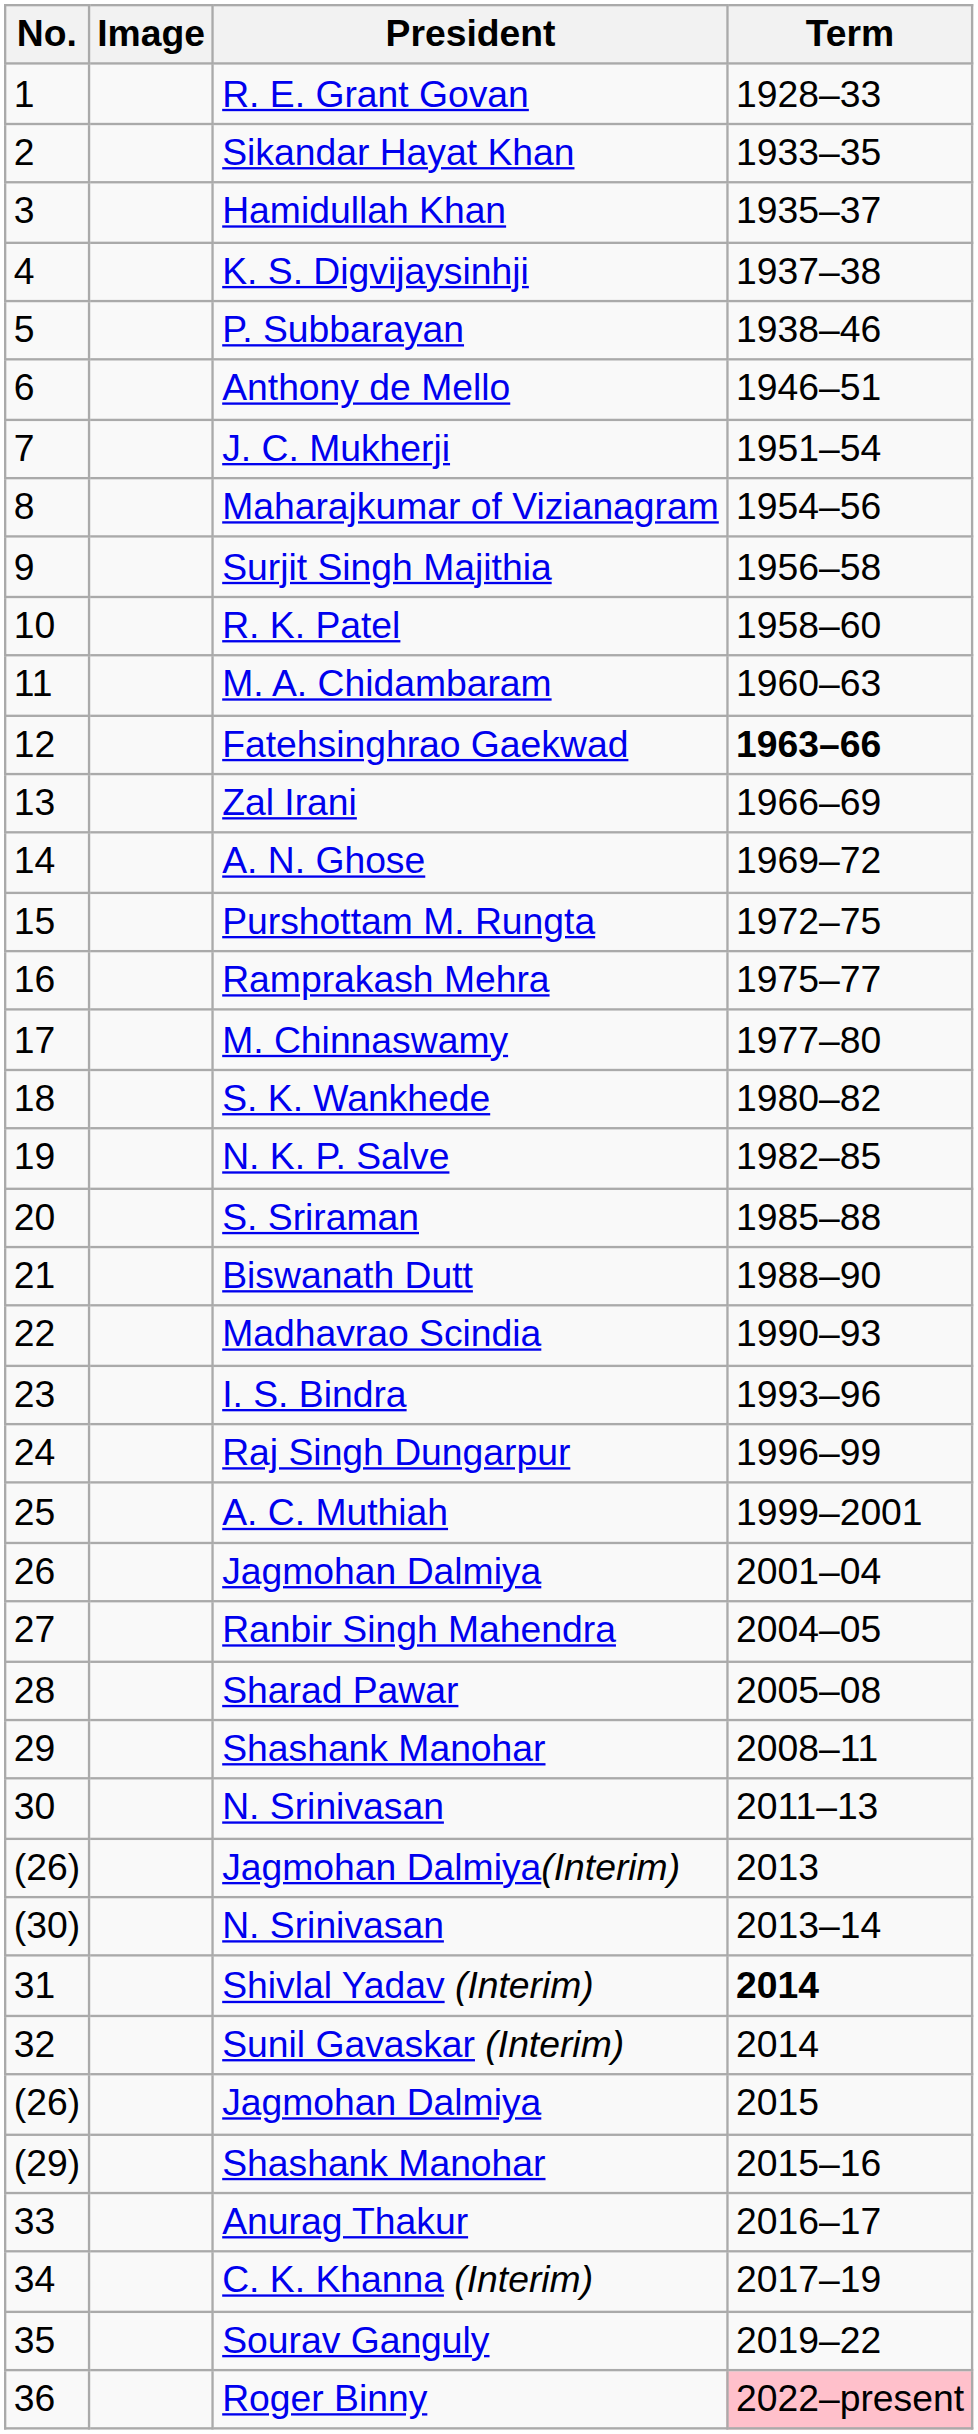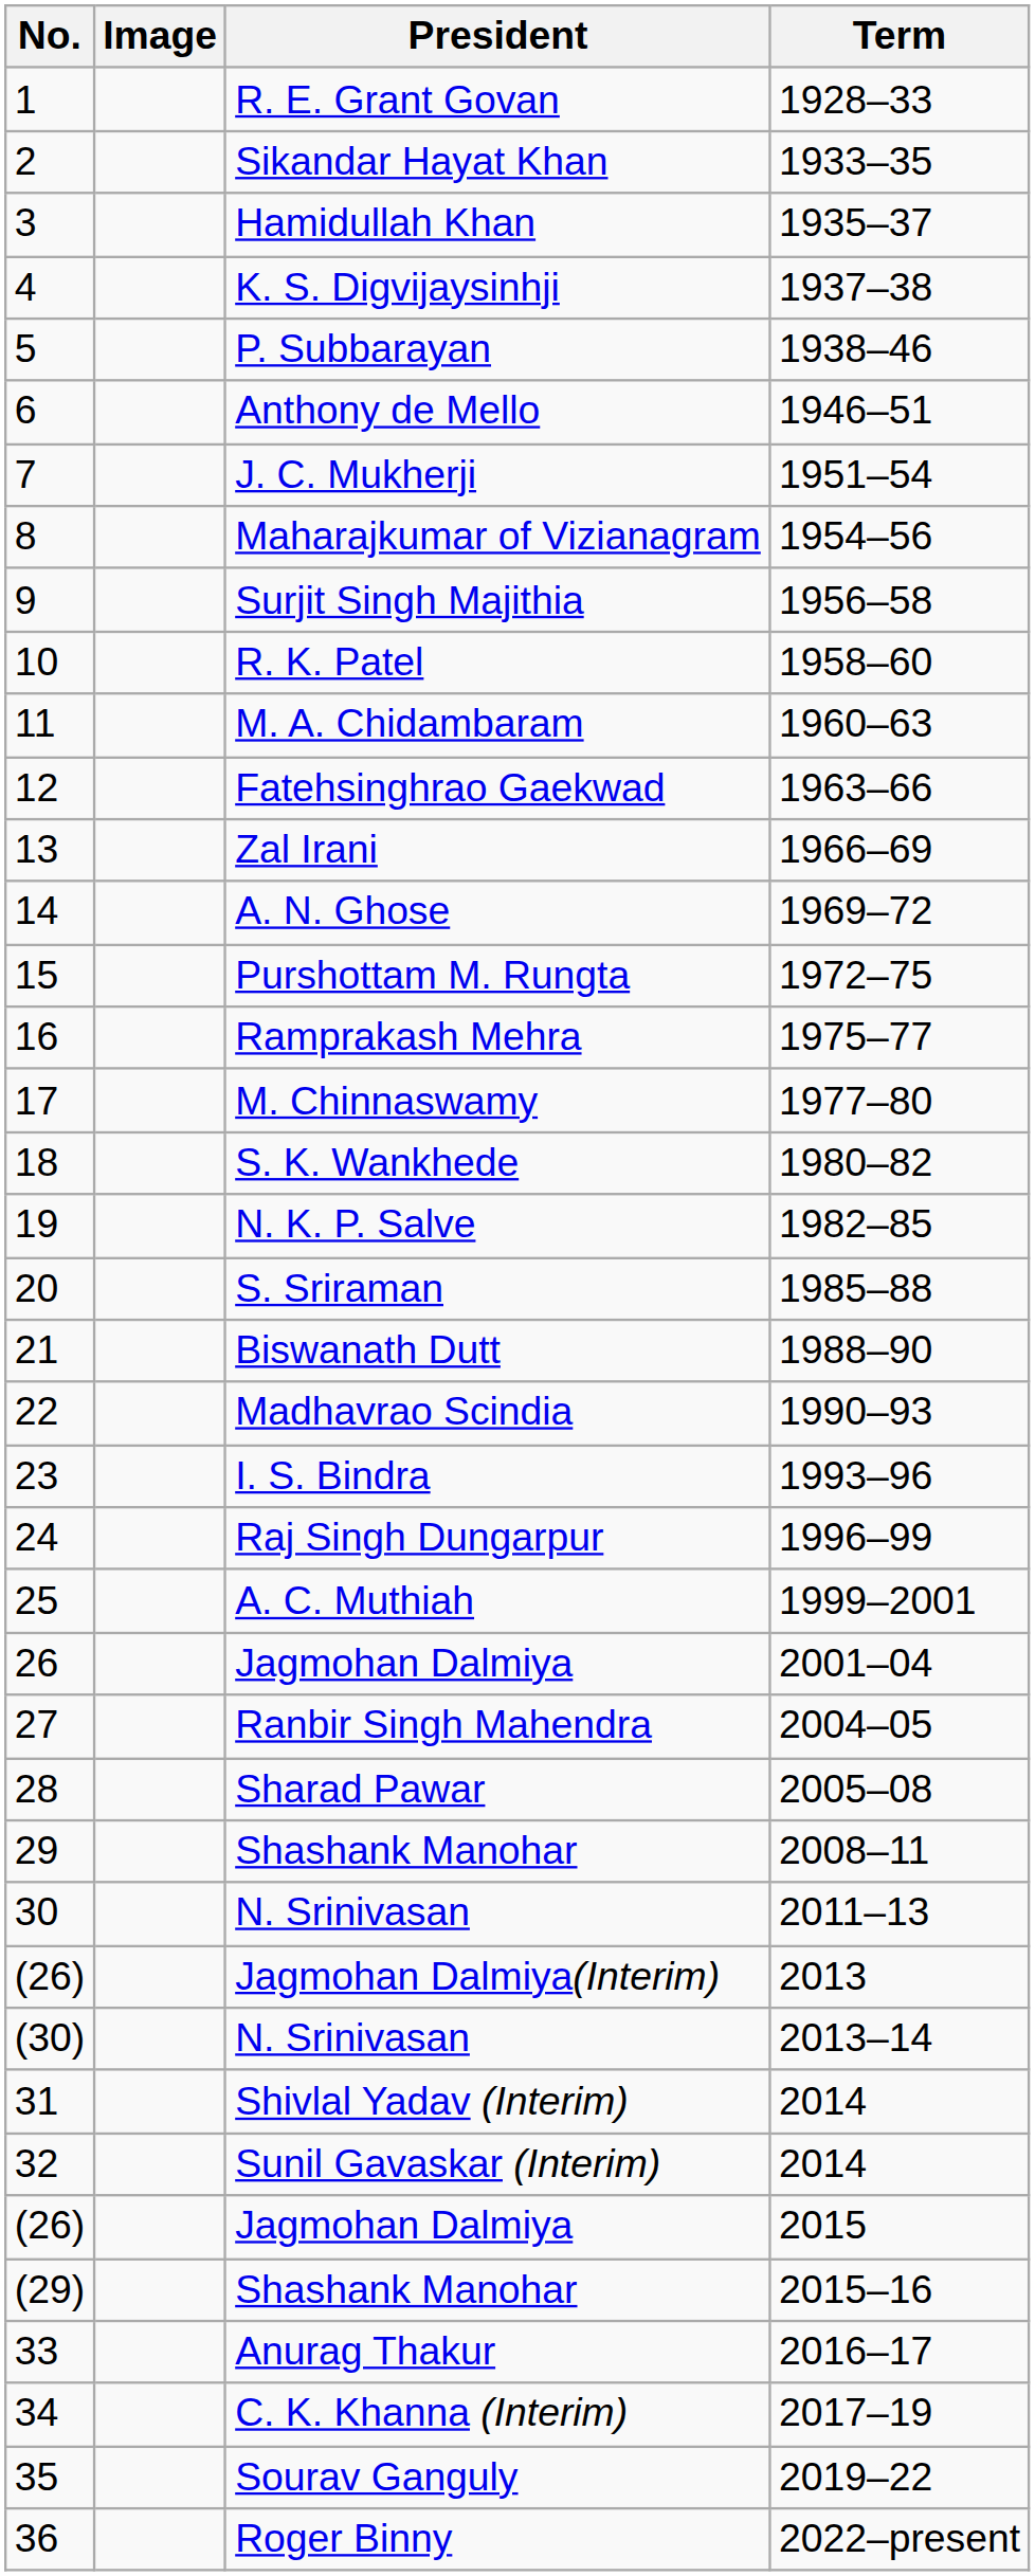 <table class="wikitable">
 <tr>
 <th>No.</th>
 <th>Image</th>
 <th>President</th>
 <th>Term</th>
 </tr>
 <tr>
 <td>1</td>
 <td></td>
 <td><a href='#'>R. E. Grant Govan</a></td>
 <td>1928–33</td>
 </tr>
 <tr>
 <td>2</td>
 <td></td>
 <td><a href='#'>Sikandar Hayat Khan</a></td>
 <td>1933–35</td>
 </tr>
 <tr>
 <td>3</td>
 <td></td>
 <td><a href='#'>Hamidullah Khan</a></td>
 <td>1935–37</td>
 </tr>
 <tr>
 <td>4</td>
 <td></td>
 <td><a href='#'>K. S. Digvijaysinhji</a></td>
 <td>1937–38</td>
 </tr>
 <tr>
 <td>5</td>
 <td></td>
 <td><a href='#'>P. Subbarayan</a></td>
 <td>1938–46</td>
 </tr>
 <tr>
 <td>6</td>
 <td></td>
 <td><a href='#'>Anthony de Mello</a></td>
 <td>1946–51</td>
 </tr>
 <tr>
 <td>7</td>
 <td></td>
 <td><a href='#'>J. C. Mukherji</a></td>
 <td>1951–54</td>
 </tr>
 <tr>
 <td>8</td>
 <td></td>
 <td><a href='#'>Maharajkumar of Vizianagram</a></td>
 <td>1954–56</td>
 </tr>
 <tr>
 <td>9</td>
 <td></td>
 <td><a href='#'>Surjit Singh Majithia</a></td>
 <td>1956–58</td>
 </tr>
 <tr>
 <td>10</td>
 <td></td>
 <td><a href='#'>R. K. Patel</a></td>
 <td>1958–60</td>
 </tr>
 <tr>
 <td>11</td>
 <td></td>
 <td><a href='#'>M. A. Chidambaram</a></td>
 <td>1960–63</td>
 </tr>
 <tr>
 <td>12</td>
 <td></td>
 <td><a href='#'>Fatehsinghrao Gaekwad</a></td>
-<td><strong>1963–66</strong></td>
+<td>1963–66</td>
 </tr>
 <tr>
 <td>13</td>
 <td></td>
 <td><a href='#'>Zal Irani</a></td>
 <td>1966–69</td>
 </tr>
 <tr>
 <td>14</td>
 <td></td>
 <td><a href='#'>A. N. Ghose</a></td>
 <td>1969–72</td>
 </tr>
 <tr>
 <td>15</td>
 <td></td>
 <td><a href='#'>Purshottam M. Rungta</a></td>
 <td>1972–75</td>
 </tr>
 <tr>
 <td>16</td>
 <td></td>
 <td><a href='#'>Ramprakash Mehra</a></td>
 <td>1975–77</td>
 </tr>
 <tr>
 <td>17</td>
 <td></td>
 <td><a href='#'>M. Chinnaswamy</a></td>
 <td>1977–80</td>
 </tr>
 <tr>
 <td>18</td>
 <td></td>
 <td><a href='#'>S. K. Wankhede</a></td>
 <td>1980–82</td>
 </tr>
 <tr>
 <td>19</td>
 <td></td>
 <td><a href='#'>N. K. P. Salve</a></td>
 <td>1982–85</td>
 </tr>
 <tr>
 <td>20</td>
 <td></td>
 <td><a href='#'>S. Sriraman</a></td>
 <td>1985–88</td>
 </tr>
 <tr>
 <td>21</td>
 <td></td>
 <td><a href='#'>Biswanath Dutt</a></td>
 <td>1988–90</td>
 </tr>
 <tr>
 <td>22</td>
 <td></td>
 <td><a href='#'>Madhavrao Scindia</a></td>
 <td>1990–93</td>
 </tr>
 <tr>
 <td>23</td>
 <td></td>
 <td><a href='#'>I. S. Bindra</a></td>
 <td>1993–96</td>
 </tr>
 <tr>
 <td>24</td>
 <td></td>
 <td><a href='#'>Raj Singh Dungarpur</a></td>
 <td>1996–99</td>
 </tr>
 <tr>
 <td>25</td>
 <td></td>
 <td><a href='#'>A. C. Muthiah</a></td>
 <td>1999–2001</td>
 </tr>
 <tr>
 <td>26</td>
 <td></td>
 <td><a href='#'>Jagmohan Dalmiya</a></td>
 <td>2001–04</td>
 </tr>
 <tr>
 <td>27</td>
 <td></td>
 <td><a href='#'>Ranbir Singh Mahendra</a></td>
 <td>2004–05</td>
 </tr>
 <tr>
 <td>28</td>
 <td></td>
 <td><a href='#'>Sharad Pawar</a></td>
 <td>2005–08</td>
 </tr>
 <tr>
 <td>29</td>
 <td></td>
 <td><a href='#'>Shashank Manohar</a></td>
 <td>2008–11</td>
 </tr>
 <tr>
 <td>30</td>
 <td></td>
 <td><a href='#'>N. Srinivasan</a></td>
 <td>2011–13</td>
 </tr>
 <tr>
 <td>(26)</td>
 <td></td>
 <td><a href='#'>Jagmohan Dalmiya</a><em>(Interim)</em></td>
 <td>2013</td>
 </tr>
 <tr>
 <td>(30)</td>
 <td></td>
 <td><a href='#'>N. Srinivasan</a></td>
 <td>2013–14</td>
 </tr>
 <tr>
 <td>31</td>
 <td></td>
 <td><a href='#'>Shivlal Yadav</a> <em>(Interim)</em></td>
-<td><strong>2014</strong></td>
+<td>2014</td>
 </tr>
 <tr>
 <td>32</td>
 <td></td>
 <td><a href='#'>Sunil Gavaskar</a> <em>(Interim)</em></td>
 <td>2014</td>
 </tr>
 <tr>
 <td>(26)</td>
 <td></td>
 <td><a href='#'>Jagmohan Dalmiya</a></td>
 <td>2015</td>
 </tr>
 <tr>
 <td>(29)</td>
 <td></td>
 <td><a href='#'>Shashank Manohar</a></td>
 <td>2015–16</td>
 </tr>
 <tr>
 <td>33</td>
 <td></td>
 <td><a href='#'>Anurag Thakur</a></td>
 <td>2016–17</td>
 </tr>
 <tr>
 <td>34</td>
 <td></td>
 <td><a href='#'>C. K. Khanna</a> <em>(Interim)</em></td>
 <td>2017–19</td>
 </tr>
 <tr>
 <td>35</td>
 <td></td>
 <td><a href='#'>Sourav Ganguly</a></td>
 <td>2019–22</td>
 </tr>
 <tr>
 <td>36</td>
 <td></td>
 <td><a href='#'>Roger Binny</a></td>
-<td style="background: pink;">2022–present</td>
+<td>2022–present</td>
 </tr>
 </table>
